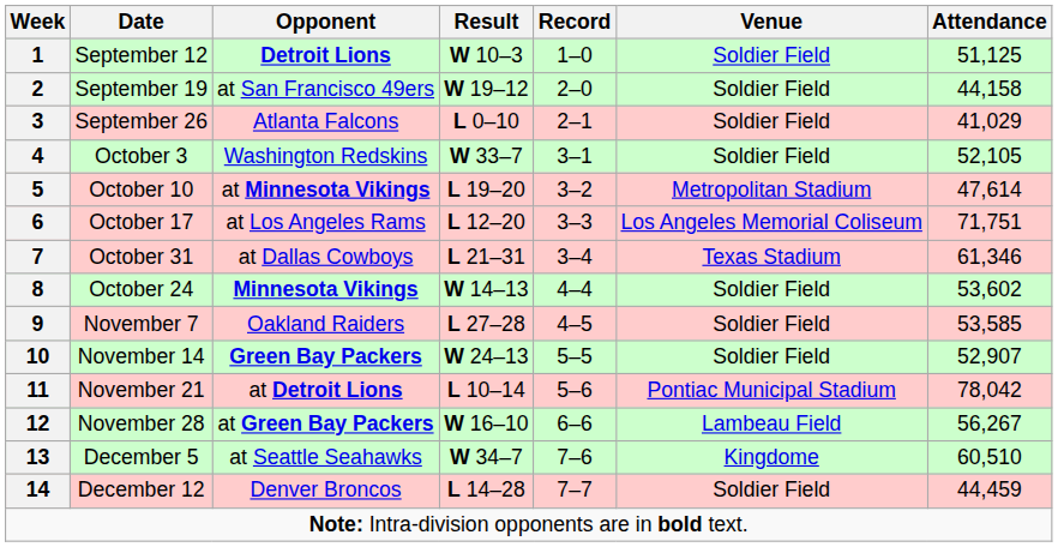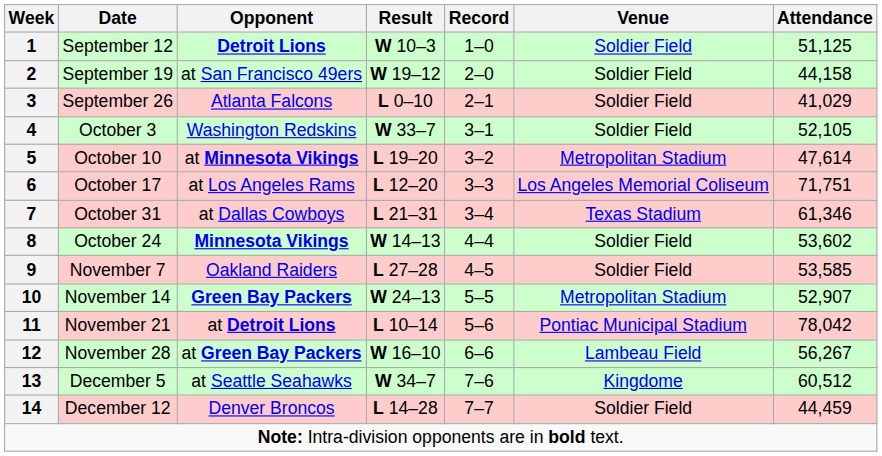 <table class="wikitable" style="text-align:center">
 <tr>
 <th>Week</th>
 <th>Date</th>
 <th>Opponent</th>
 <th>Result</th>
 <th>Record</th>
 <th>Venue</th>
 <th>Attendance</th>
 </tr>
 <tr style="background:#cfc">
 <th>1</th>
 <td>September 12</td>
 <td><strong><a href='#'>Detroit Lions</a></strong></td>
 <td><strong>W</strong> 10–3</td>
 <td>1–0</td>
 <td><a href='#'>Soldier Field</a></td>
 <td>51,125</td>
 </tr>
 <tr style="background:#cfc">
 <th>2</th>
 <td>September 19</td>
 <td>at <a href='#'>San Francisco 49ers</a></td>
 <td><strong>W</strong> 19–12</td>
 <td>2–0</td>
 <td>Soldier Field</td>
 <td>44,158</td>
 </tr>
 <tr style="background:#fcc">
 <th>3</th>
 <td>September 26</td>
 <td><a href='#'>Atlanta Falcons</a></td>
 <td><strong>L</strong> 0–10</td>
 <td>2–1</td>
 <td>Soldier Field</td>
 <td>41,029</td>
 </tr>
 <tr style="background:#cfc">
 <th>4</th>
 <td>October 3</td>
 <td><a href='#'>Washington Redskins</a></td>
 <td><strong>W</strong> 33–7</td>
 <td>3–1</td>
 <td>Soldier Field</td>
 <td>52,105</td>
 </tr>
 <tr style="background:#fcc">
 <th>5</th>
 <td>October 10</td>
 <td>at <strong><a href='#'>Minnesota Vikings</a></strong></td>
 <td><strong>L</strong> 19–20</td>
 <td>3–2</td>
 <td><a href='#'>Metropolitan Stadium</a></td>
 <td>47,614</td>
 </tr>
 <tr style="background:#fcc">
 <th>6</th>
 <td>October 17</td>
 <td>at <a href='#'>Los Angeles Rams</a></td>
 <td><strong>L</strong> 12–20</td>
 <td>3–3</td>
 <td><a href='#'>Los Angeles Memorial Coliseum</a></td>
 <td>71,751</td>
 </tr>
 <tr style="background:#fcc">
 <th>7</th>
 <td>October 31</td>
 <td>at <a href='#'>Dallas Cowboys</a></td>
 <td><strong>L</strong> 21–31</td>
 <td>3–4</td>
 <td><a href='#'>Texas Stadium</a></td>
 <td>61,346</td>
 </tr>
 <tr style="background:#cfc">
 <th>8</th>
 <td>October 24</td>
 <td><strong><a href='#'>Minnesota Vikings</a></strong></td>
 <td><strong>W</strong> 14–13</td>
 <td>4–4</td>
 <td>Soldier Field</td>
 <td>53,602</td>
 </tr>
 <tr style="background:#fcc">
 <th>9</th>
 <td>November 7</td>
 <td><a href='#'>Oakland Raiders</a></td>
 <td><strong>L</strong> 27–28</td>
 <td>4–5</td>
 <td>Soldier Field</td>
 <td>53,585</td>
 </tr>
 <tr style="background:#cfc">
 <th>10</th>
 <td>November 14</td>
 <td><strong><a href='#'>Green Bay Packers</a></strong></td>
 <td><strong>W</strong> 24–13</td>
 <td>5–5</td>
-<td>Soldier Field</td>
+<td><a href='#'>Metropolitan Stadium</a></td>
 <td>52,907</td>
 </tr>
 <tr style="background:#fcc">
 <th>11</th>
 <td>November 21</td>
 <td>at <strong><a href='#'>Detroit Lions</a></strong></td>
 <td><strong>L</strong> 10–14</td>
 <td>5–6</td>
 <td><a href='#'>Pontiac Municipal Stadium</a></td>
 <td>78,042</td>
 </tr>
 <tr style="background:#cfc">
 <th>12</th>
 <td>November 28</td>
 <td>at <strong><a href='#'>Green Bay Packers</a></strong></td>
 <td><strong>W</strong> 16–10</td>
 <td>6–6</td>
 <td><a href='#'>Lambeau Field</a></td>
 <td>56,267</td>
 </tr>
 <tr style="background:#cfc">
 <th>13</th>
 <td>December 5</td>
 <td>at <a href='#'>Seattle Seahawks</a></td>
 <td><strong>W</strong> 34–7</td>
 <td>7–6</td>
 <td><a href='#'>Kingdome</a></td>
-<td>60,510</td>
+<td>60,512</td>
 </tr>
 <tr style="background:#fcc">
 <th>14</th>
 <td>December 12</td>
 <td><a href='#'>Denver Broncos</a></td>
 <td><strong>L</strong> 14–28</td>
 <td>7–7</td>
 <td>Soldier Field</td>
 <td>44,459</td>
 </tr>
 <tr>
 <td colspan="8"><strong>Note:</strong> Intra-division opponents are in <strong>bold</strong> text.</td>
 </tr>
 </table>
